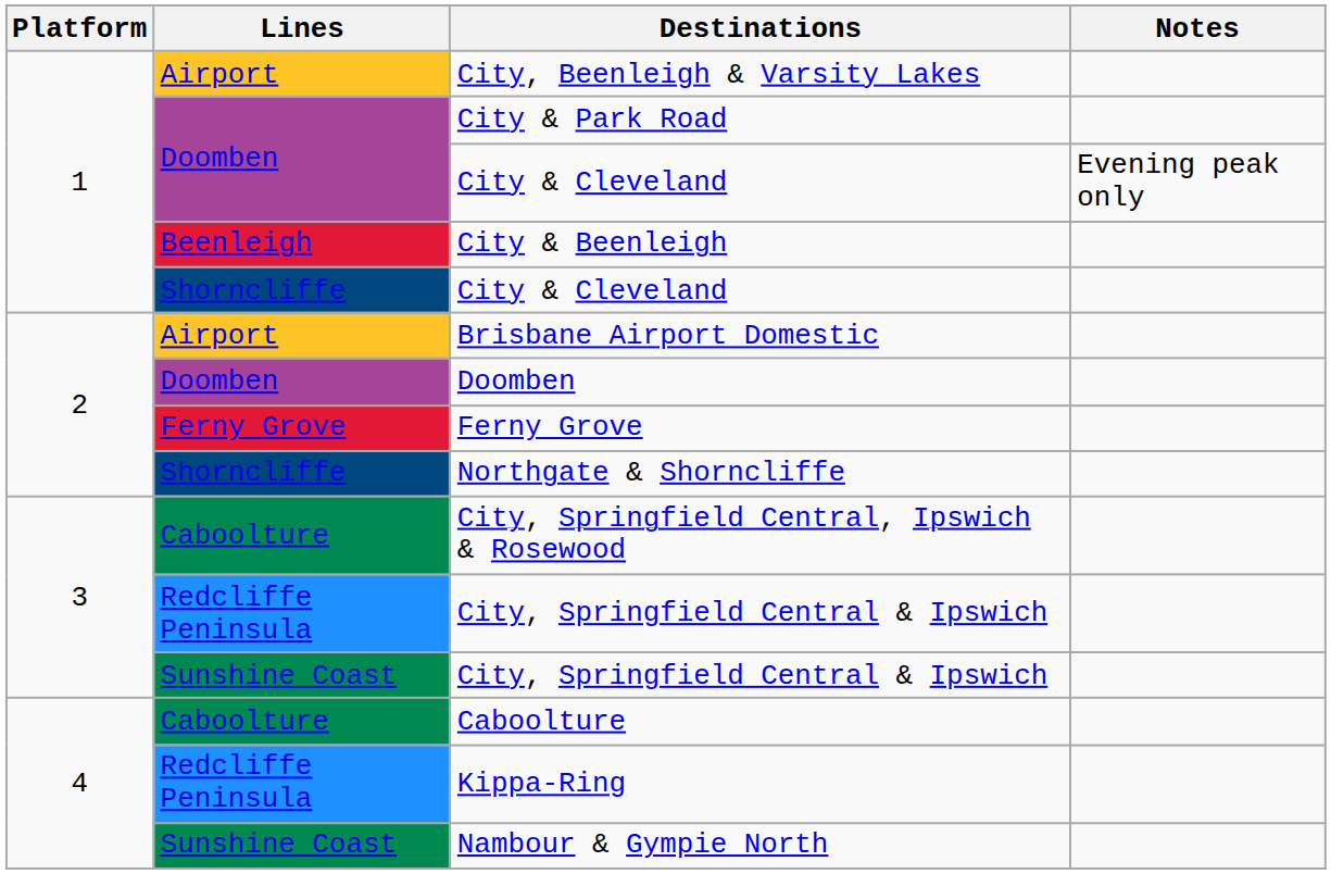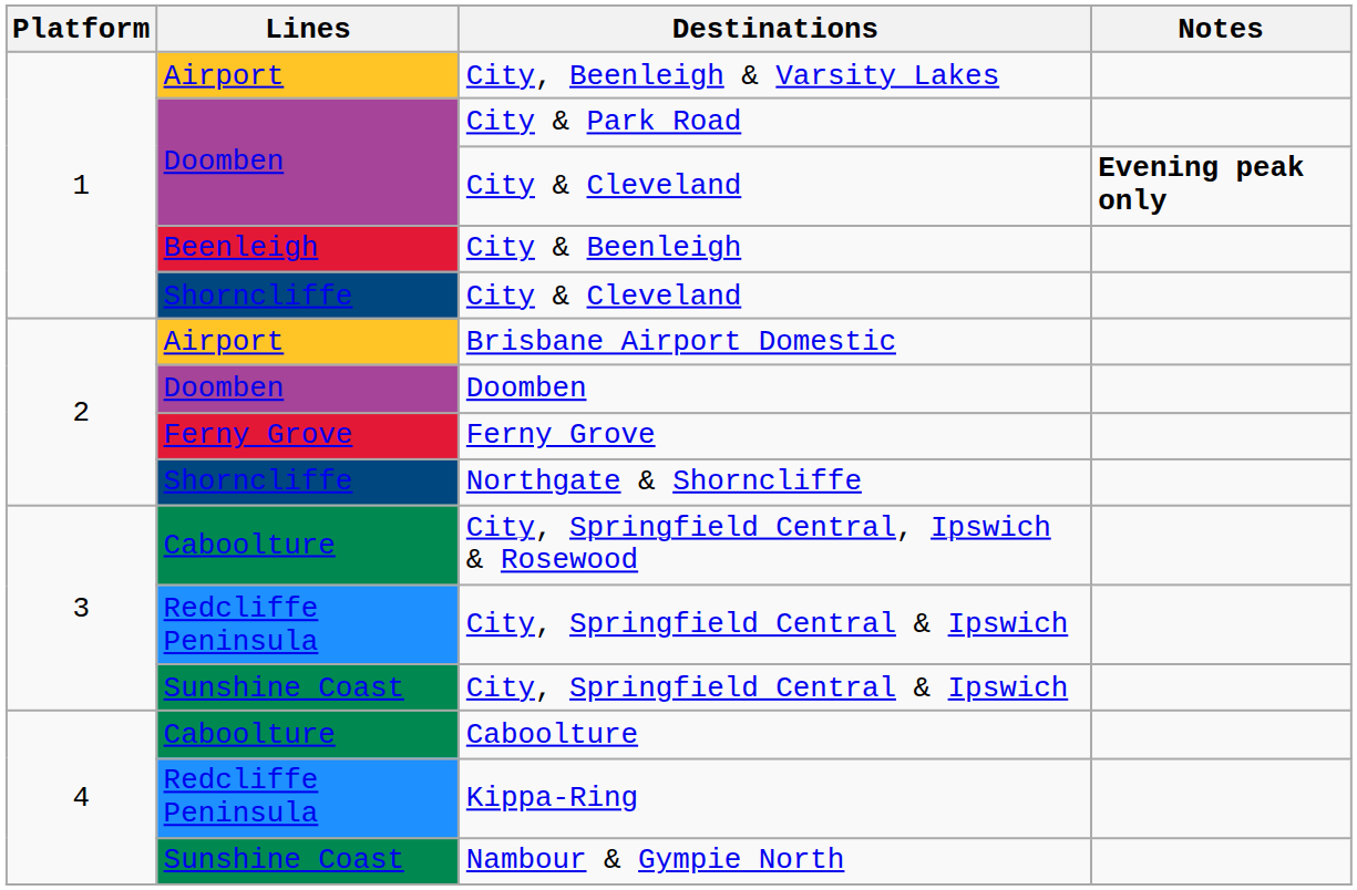 <table class="wikitable" style="float: none; margin: 0.5em; ">
 <tr>
 <th>Platform</th>
 <th>Lines</th>
 <th>Destinations</th>
 <th>Notes</th>
 </tr>
 <tr>
 <td rowspan="5" style="text-align:center;">1</td>
 <td style=background:#FFC425><a href='#'><span>Airport</span></a></td>
 <td><a href='#'>City</a>, <a href='#'>Beenleigh</a> & <a href='#'>Varsity Lakes</a></td>
 <td></td>
 </tr>
 <tr>
 <td rowspan="2" style=background:#A54499><a href='#'><span>Doomben</span></a></td>
 <td><a href='#'>City</a> & <a href='#'>Park Road</a></td>
 <td></td>
 </tr>
 <tr>
 <td><a href='#'>City</a> & <a href='#'>Cleveland</a></td>
-<td>Evening peak only</td>
+<td><strong>Evening peak only</strong></td>
 </tr>
 <tr>
 <td style=background:#E31836><a href='#'><span>Beenleigh</span></a></td>
 <td><a href='#'>City</a> & <a href='#'>Beenleigh</a></td>
 <td></td>
 </tr>
 <tr>
 <td style=background:#00467f><a href='#'><span>Shorncliffe</span></a></td>
 <td><a href='#'>City</a> & <a href='#'>Cleveland</a></td>
 <td></td>
 </tr>
 <tr>
 <td rowspan="4" style="text-align:center;">2</td>
 <td style=background:#FFC425><a href='#'><span>Airport</span></a></td>
 <td><a href='#'>Brisbane Airport Domestic</a></td>
 <td></td>
 </tr>
 <tr>
 <td style=background:#A54499><a href='#'><span>Doomben</span></a></td>
 <td><a href='#'>Doomben</a></td>
 <td></td>
 </tr>
 <tr>
 <td style=background:#E31836><a href='#'><span>Ferny Grove</span></a></td>
 <td><a href='#'>Ferny Grove</a></td>
 <td></td>
 </tr>
 <tr>
 <td style=background:#00467f><a href='#'><span>Shorncliffe</span></a></td>
 <td><a href='#'>Northgate</a> & <a href='#'>Shorncliffe</a></td>
 <td></td>
 </tr>
 <tr>
 <td rowspan="3" style="text-align:center;">3</td>
 <td style=background:#008851><a href='#'><span>Caboolture</span></a></td>
 <td><a href='#'>City</a>, <a href='#'>Springfield Central</a>, <a href='#'>Ipswich</a> & <a href='#'>Rosewood</a></td>
 <td></td>
 </tr>
 <tr>
 <td style=background:#1e90ff><a href='#'><span>Redcliffe Peninsula</span></a></td>
 <td><a href='#'>City</a>, <a href='#'>Springfield Central</a> & <a href='#'>Ipswich</a></td>
 <td></td>
 </tr>
 <tr>
 <td style=background:#008851><a href='#'><span>Sunshine Coast</span></a></td>
 <td><a href='#'>City</a>, <a href='#'>Springfield Central</a> & <a href='#'>Ipswich</a></td>
 <td></td>
 </tr>
 <tr>
 <td rowspan="3" style="text-align:center;">4</td>
 <td style=background:#008851><a href='#'><span>Caboolture</span></a></td>
 <td><a href='#'>Caboolture</a></td>
 <td></td>
 </tr>
 <tr>
 <td style=background:#1e90ff><a href='#'><span>Redcliffe Peninsula</span></a></td>
 <td><a href='#'>Kippa-Ring</a></td>
 <td></td>
 </tr>
 <tr>
 <td style=background:#008851><a href='#'><span>Sunshine Coast</span></a></td>
 <td><a href='#'>Nambour</a> & <a href='#'>Gympie North</a></td>
 <td></td>
 </tr>
 <tr>
 </tr>
 </table>
